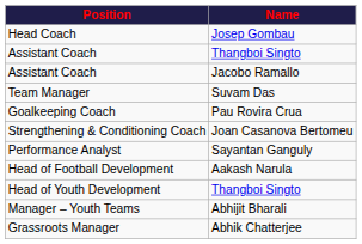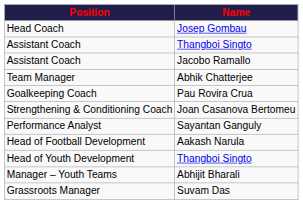 <table class="wikitable">
 <tr>
 <th style="background:#1f1d4a; color:#FF0000;">Position</th>
 <th style="background:#1f1d4a; color:#FF0000;">Name</th>
 </tr>
 <tr>
 <td>Head Coach</td>
 <td> <a href='#'>Josep Gombau</a></td>
 </tr>
 <tr>
 <td>Assistant Coach</td>
 <td> <a href='#'>Thangboi Singto</a></td>
 </tr>
 <tr>
 <td>Assistant Coach</td>
 <td> Jacobo Ramallo</td>
 </tr>
 <tr>
 <td>Team Manager</td>
-<td> Suvam Das</td>
+<td> Abhik Chatterjee</td>
 </tr>
 <tr>
 <td>Goalkeeping Coach</td>
 <td> Pau Rovira Crua</td>
 </tr>
 <tr>
 <td>Strengthening & Conditioning Coach</td>
 <td> Joan Casanova Bertomeu</td>
 </tr>
 <tr>
 <td>Performance Analyst</td>
 <td> Sayantan Ganguly</td>
 </tr>
 <tr>
 <td>Head of Football Development</td>
 <td> Aakash Narula</td>
 </tr>
 <tr>
 <td>Head of Youth Development</td>
 <td> <a href='#'>Thangboi Singto</a></td>
 </tr>
 <tr>
 <td>Manager – Youth Teams</td>
 <td> Abhijit Bharali</td>
 </tr>
 <tr>
 <td>Grassroots Manager</td>
-<td> Abhik Chatterjee</td>
+<td> Suvam Das</td>
 </tr>
 </table>
